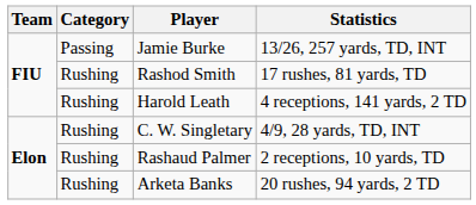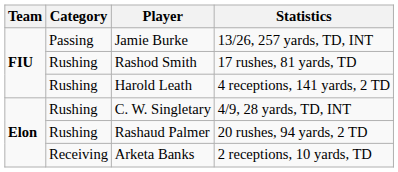 <table class="wikitable" style="float: right;">
 <tr>
 <th>Team</th>
 <th>Category</th>
 <th>Player</th>
 <th>Statistics</th>
 </tr>
 <tr>
 <td rowspan=3><strong>FIU</strong></td>
 <td>Passing</td>
 <td>Jamie Burke</td>
 <td>13/26, 257 yards, TD, INT</td>
 </tr>
 <tr>
 <td>Rushing</td>
 <td>Rashod Smith</td>
 <td>17 rushes, 81 yards, TD</td>
 </tr>
 <tr>
 <td>Rushing</td>
 <td>Harold Leath</td>
 <td>4 receptions, 141 yards, 2 TD</td>
 </tr>
 <tr>
 <td rowspan=3><strong>Elon</strong></td>
 <td>Rushing</td>
 <td>C. W. Singletary</td>
 <td>4/9, 28 yards, TD, INT</td>
 </tr>
 <tr>
 <td>Rushing</td>
 <td>Rashaud Palmer</td>
+<td>20 rushes, 94 yards, 2 TD</td>
+</tr>
+<tr>
+<td>Receiving</td>
+<td>Arketa Banks</td>
 <td>2 receptions, 10 yards, TD</td>
 </tr>
-<tr>
-<td>Rushing</td>
-<td>Arketa Banks</td>
-<td>20 rushes, 94 yards, 2 TD</td>
-</tr>
 </table>
